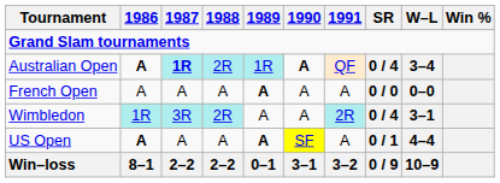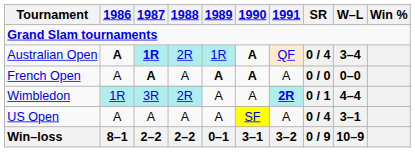 <table class=wikitable style=text-align:center;font-size:97%>
 <tr>
 <th>Tournament</th>
 <th><a href='#'>1986</a></th>
 <th><a href='#'>1987</a></th>
 <th><a href='#'>1988</a></th>
 <th><a href='#'>1989</a></th>
 <th><a href='#'>1990</a></th>
 <th><a href='#'>1991</a></th>
 <th>SR</th>
 <th>W–L</th>
 <th>Win %</th>
 </tr>
 <tr>
 <td colspan=23 align=left><strong><a href='#'>Grand Slam tournaments</a></strong></td>
 </tr>
 <tr>
 <td align=left><a href='#'>Australian Open</a></td>
 <td><strong>A</strong></td>
 <td bgcolor=afeeee><strong><a href='#'>1R</a></strong></td>
 <td bgcolor=afeeee><a href='#'>2R</a></td>
 <td bgcolor=afeeee><a href='#'>1R</a></td>
 <td><strong>A</strong></td>
 <td bgcolor=ffebcd><a href='#'>QF</a></td>
 <th>0 / 4</th>
 <th>3–4</th>
 <th></th>
 </tr>
 <tr>
 <td align=left><a href='#'>French Open</a></td>
 <td>A</td>
-<td>A</td>
+<td><strong>A</strong></td>
 <td>A</td>
 <td><strong>A</strong></td>
-<td>A</td>
+<td><strong>A</strong></td>
 <td>A</td>
 <th>0 / 0</th>
 <th>0–0</th>
 <th></th>
 </tr>
 <tr>
 <td align=left><a href='#'>Wimbledon</a></td>
 <td bgcolor=afeeee><a href='#'>1R</a></td>
 <td bgcolor=afeeee><a href='#'>3R</a></td>
 <td bgcolor=afeeee><a href='#'>2R</a></td>
 <td>A</td>
 <td>A</td>
-<td bgcolor=afeeee><a href='#'>2R</a></td>
-<th>0 / 4</th>
-<th>3–1</th>
+<td bgcolor=afeeee><strong><a href='#'>2R</a></strong></td>
+<th>0 / 1</th>
+<th>4–4</th>
 <th></th>
 </tr>
 <tr>
 <td align=left><a href='#'>US Open</a></td>
-<td><strong>A</strong></td>
 <td>A</td>
 <td>A</td>
-<td><strong>A</strong></td>
+<td>A</td>
+<td>A</td>
 <td bgcolor=yellow><a href='#'>SF</a></td>
 <td>A</td>
-<th>0 / 1</th>
-<th>4–4</th>
+<th>0 / 4</th>
+<th>3–1</th>
 <th></th>
 </tr>
 <tr>
 <th style=text-align:left>Win–loss</th>
 <th>8–1</th>
 <th>2–2</th>
 <th>2–2</th>
 <th>0–1</th>
 <th>3–1</th>
 <th>3–2</th>
 <th>0 / 9</th>
 <th>10–9</th>
 <th></th>
 </tr>
 </table>
